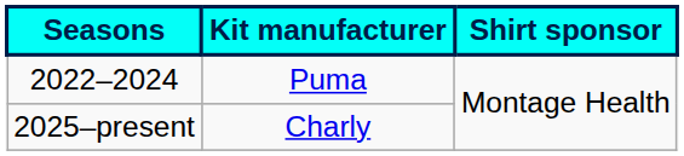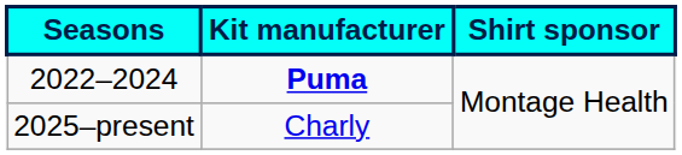 <table class="wikitable" style="text-align:center">
 <tr>
 <th style="color:#001C48; background:#03FFF8; border:2px solid #001c48;">Seasons</th>
 <th style="color:#001C48; background:#03FFF8; border:2px solid #001c48;">Kit manufacturer</th>
 <th style="color:#001C48; background:#03FFF8; border:2px solid #001c48;">Shirt sponsor</th>
 </tr>
 <tr>
 <td>2022–2024</td>
-<td> <a href='#'>Puma</a></td>
+<td><strong> <a href='#'>Puma</a></strong></td>
 <td rowspan="2">Montage Health</td>
 </tr>
 <tr>
 <td>2025–present</td>
 <td> <a href='#'>Charly</a></td>
 </tr>
 </table>
